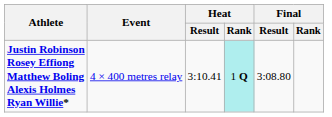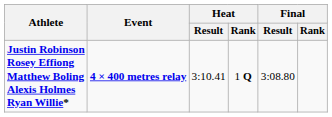 <table class="wikitable" style="font-size:90%">
 <tr>
 <th rowspan="2">Athlete</th>
 <th rowspan="2">Event</th>
 <th colspan="2">Heat</th>
 <th colspan="2">Final</th>
 </tr>
 <tr style="font-size:95%">
 <th>Result</th>
 <th>Rank</th>
 <th>Result</th>
 <th>Rank</th>
 </tr>
 <tr align="center">
 <td align="left"><strong><a href='#'>Justin Robinson</a><br><a href='#'>Rosey Effiong</a><br><a href='#'>Matthew Boling</a><br><a href='#'>Alexis Holmes</a><br><a href='#'>Ryan Willie</a>*</strong></td>
-<td align="left"><a href='#'>4 × 400 metres relay</a></td>
+<td align="left"><strong><a href='#'>4 × 400 metres relay</a></strong></td>
 <td>3:10.41 <strong></strong></td>
-<td style="background: paleturquoise;">1 <strong>Q</strong></td>
+<td>1 <strong>Q</strong></td>
 <td>3:08.80 <strong></strong></td>
 <td></td>
 </tr>
 </table>
